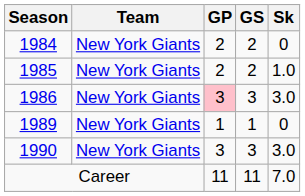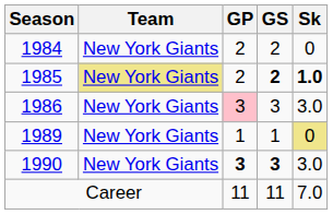 <table class="wikitable" style="text-align:center">
 <tr>
 <th>Season</th>
 <th>Team</th>
 <th>GP</th>
 <th>GS</th>
 <th>Sk</th>
 </tr>
 <tr>
 <td><a href='#'>1984</a></td>
 <td style="text-align:left"><a href='#'>New York Giants</a></td>
 <td>2</td>
 <td>2</td>
 <td>0</td>
 </tr>
 <tr>
 <td><a href='#'>1985</a></td>
-<td style="text-align:left"><a href='#'>New York Giants</a></td>
+<td style="background: khaki; text-align:left"><a href='#'>New York Giants</a></td>
 <td>2</td>
-<td>2</td>
-<td>1.0</td>
+<td><strong>2</strong></td>
+<td><strong>1.0</strong></td>
 </tr>
 <tr>
 <td><a href='#'>1986</a></td>
 <td style="text-align:left"><a href='#'>New York Giants</a></td>
 <td style="background: pink;">3</td>
 <td>3</td>
 <td>3.0</td>
 </tr>
 <tr>
 <td><a href='#'>1989</a></td>
 <td style="text-align:left"><a href='#'>New York Giants</a></td>
 <td>1</td>
 <td>1</td>
-<td>0</td>
+<td style="background: khaki;">0</td>
 </tr>
 <tr>
 <td><a href='#'>1990</a></td>
 <td style="text-align:left"><a href='#'>New York Giants</a></td>
-<td>3</td>
-<td>3</td>
+<td><strong>3</strong></td>
+<td><strong>3</strong></td>
 <td>3.0</td>
 </tr>
 <tr>
 <td colspan="2">Career</td>
 <td>11</td>
 <td>11</td>
 <td>7.0</td>
 </tr>
 </table>
